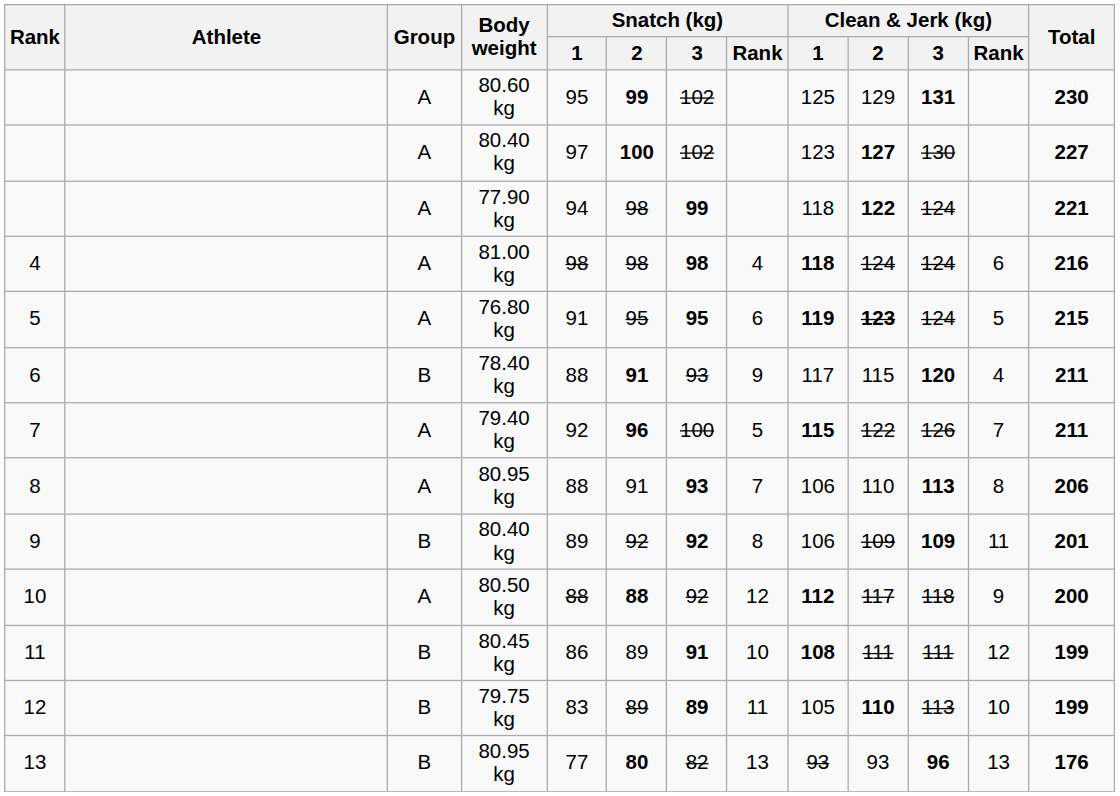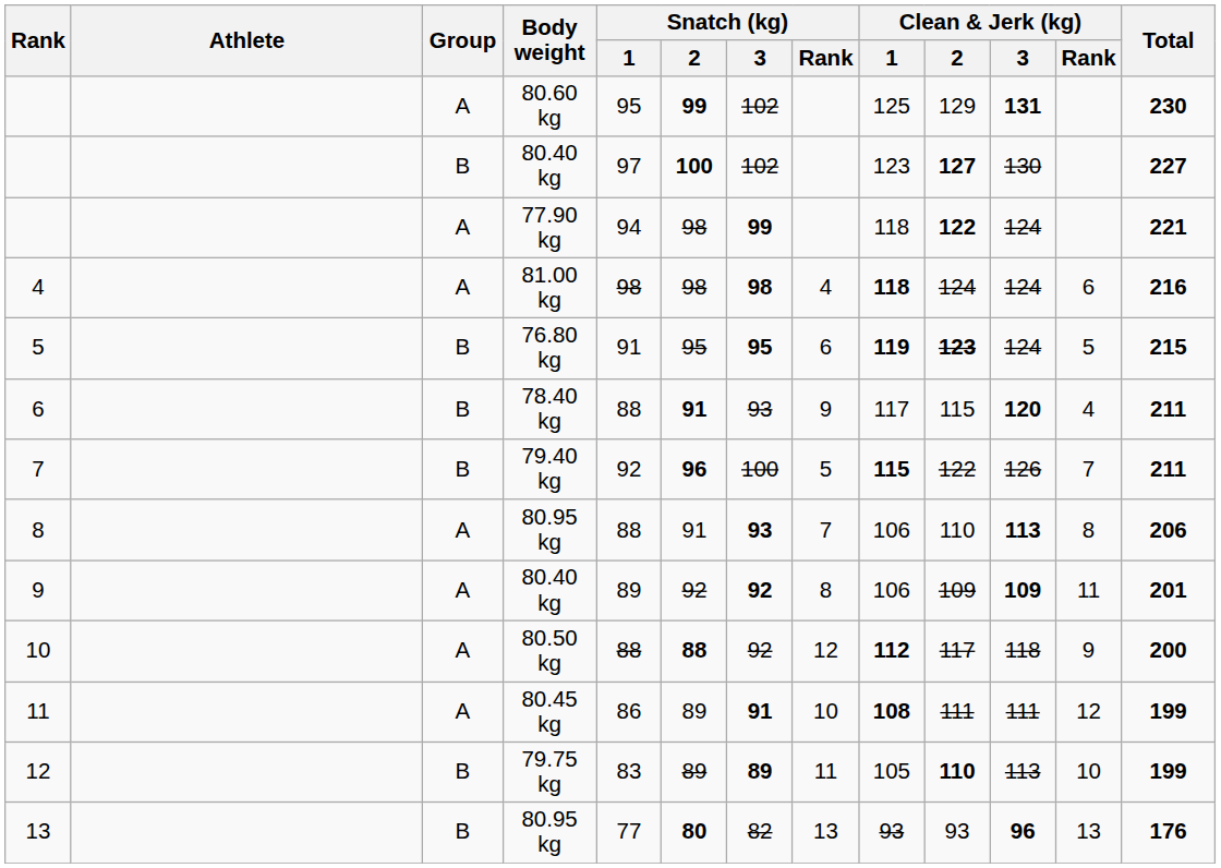 <table class = "wikitable" style="text-align:center;">
 <tr>
 <th rowspan=2 width=40>Rank</th>
 <th rowspan=2 width=250>Athlete</th>
 <th rowspan=2 width=50>Group</th>
 <th rowspan=2 width=60>Body weight</th>
 <th colspan=4>Snatch (kg)</th>
 <th colspan=4>Clean & Jerk (kg)</th>
 <th rowspan=2 width=60>Total</th>
 </tr>
 <tr>
 <th width=40>1</th>
 <th width=40>2</th>
 <th width=40>3</th>
 <th width=40>Rank</th>
 <th width=40>1</th>
 <th width=40>2</th>
 <th width=40>3</th>
 <th width=40>Rank</th>
 </tr>
 <tr>
 <td></td>
 <td align=left></td>
 <td>A</td>
 <td>80.60 kg</td>
 <td>95</td>
 <td><strong>99</strong></td>
 <td><s>102</s></td>
 <td></td>
 <td>125</td>
 <td>129</td>
 <td><strong>131</strong></td>
 <td></td>
 <td><strong>230</strong></td>
 </tr>
 <tr>
 <td></td>
 <td align=left></td>
-<td>A</td>
+<td>B</td>
 <td>80.40 kg</td>
 <td>97</td>
 <td><strong>100</strong></td>
 <td><s>102</s></td>
 <td></td>
 <td>123</td>
 <td><strong>127</strong></td>
 <td><s>130</s></td>
 <td></td>
 <td><strong>227</strong></td>
 </tr>
 <tr>
 <td></td>
 <td align=left></td>
 <td>A</td>
 <td>77.90 kg</td>
 <td>94</td>
 <td><s>98</s></td>
 <td><strong>99</strong></td>
 <td></td>
 <td>118</td>
 <td><strong>122</strong></td>
 <td><s>124</s></td>
 <td></td>
 <td><strong>221</strong></td>
 </tr>
 <tr>
 <td>4</td>
 <td align=left></td>
 <td>A</td>
 <td>81.00 kg</td>
 <td><s>98</s></td>
 <td><s>98</s></td>
 <td><strong>98</strong></td>
 <td>4</td>
 <td><strong>118</strong></td>
 <td><s>124</s></td>
 <td><s>124</s></td>
 <td>6</td>
 <td><strong>216</strong></td>
 </tr>
 <tr>
 <td>5</td>
 <td align=left></td>
-<td>A</td>
+<td>B</td>
 <td>76.80 kg</td>
 <td>91</td>
 <td><s>95</s></td>
 <td><strong>95</strong></td>
 <td>6</td>
 <td><strong>119</strong></td>
 <td><strong><s>123</s></strong></td>
 <td><s>124</s></td>
 <td>5</td>
 <td><strong>215</strong></td>
 </tr>
 <tr>
 <td>6</td>
 <td align=left></td>
 <td>B</td>
 <td>78.40 kg</td>
 <td>88</td>
 <td><strong>91</strong></td>
 <td><s>93</s></td>
 <td>9</td>
 <td>117</td>
 <td>115</td>
 <td><strong>120</strong></td>
 <td>4</td>
 <td><strong>211</strong></td>
 </tr>
 <tr>
 <td>7</td>
 <td align=left></td>
-<td>A</td>
+<td>B</td>
 <td>79.40 kg</td>
 <td>92</td>
 <td><strong>96</strong></td>
 <td><s>100</s></td>
 <td>5</td>
 <td><strong>115</strong></td>
 <td><s>122</s></td>
 <td><s>126</s></td>
 <td>7</td>
 <td><strong>211</strong></td>
 </tr>
 <tr>
 <td>8</td>
 <td align=left></td>
 <td>A</td>
 <td>80.95 kg</td>
 <td>88</td>
 <td>91</td>
 <td><strong>93</strong></td>
 <td>7</td>
 <td>106</td>
 <td>110</td>
 <td><strong>113</strong></td>
 <td>8</td>
 <td><strong>206</strong></td>
 </tr>
 <tr>
 <td>9</td>
 <td align=left></td>
-<td>B</td>
+<td>A</td>
 <td>80.40 kg</td>
 <td>89</td>
 <td><s>92</s></td>
 <td><strong>92</strong></td>
 <td>8</td>
 <td>106</td>
 <td><s>109</s></td>
 <td><strong>109</strong></td>
 <td>11</td>
 <td><strong>201</strong></td>
 </tr>
 <tr>
 <td>10</td>
 <td align=left></td>
 <td>A</td>
 <td>80.50 kg</td>
 <td><s>88</s></td>
 <td><strong>88</strong></td>
 <td><s>92</s></td>
 <td>12</td>
 <td><strong>112</strong></td>
 <td><s>117</s></td>
 <td><s>118</s></td>
 <td>9</td>
 <td><strong>200</strong></td>
 </tr>
 <tr>
 <td>11</td>
 <td align=left></td>
-<td>B</td>
+<td>A</td>
 <td>80.45 kg</td>
 <td>86</td>
 <td>89</td>
 <td><strong>91</strong></td>
 <td>10</td>
 <td><strong>108</strong></td>
 <td><s>111</s></td>
 <td><s>111</s></td>
 <td>12</td>
 <td><strong>199</strong></td>
 </tr>
 <tr>
 <td>12</td>
 <td align=left></td>
 <td>B</td>
 <td>79.75 kg</td>
 <td>83</td>
 <td><s>89</s></td>
 <td><strong>89</strong></td>
 <td>11</td>
 <td>105</td>
 <td><strong>110</strong></td>
 <td><s>113</s></td>
 <td>10</td>
 <td><strong>199</strong></td>
 </tr>
 <tr>
 <td>13</td>
 <td align=left></td>
 <td>B</td>
 <td>80.95 kg</td>
 <td>77</td>
 <td><strong>80</strong></td>
 <td><s>82</s></td>
 <td>13</td>
 <td><s>93</s></td>
 <td>93</td>
 <td><strong>96</strong></td>
 <td>13</td>
 <td><strong>176</strong></td>
 </tr>
 </table>
